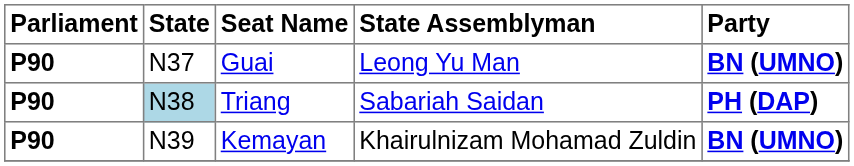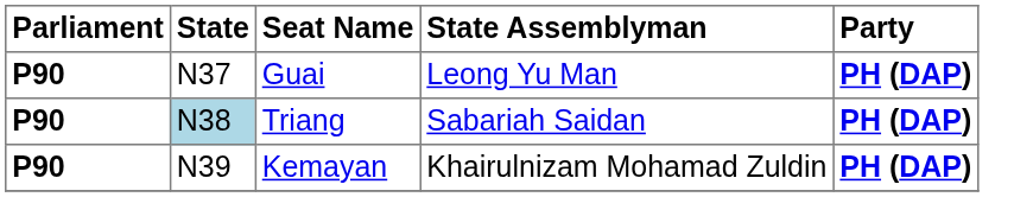 <table class="toccolours sortable" border="1" cellpadding="3" style="border-collapse:collapse; text-align: left;">
 <tr>
 <th align="center">Parliament</th>
 <th>State</th>
 <th>Seat Name</th>
 <th>State Assemblyman</th>
 <th>Party</th>
 </tr>
 <tr>
 <th align="left">P90</th>
 <td>N37</td>
 <td><a href='#'>Guai</a></td>
 <td><a href='#'>Leong Yu Man</a></td>
-<td><strong><a href='#'>BN</a> (<a href='#'>UMNO</a>)</strong></td>
+<td><strong> <a href='#'>PH</a> (<a href='#'>DAP</a>)</strong></td>
 </tr>
 <tr>
 <th align="left">P90</th>
 <td style="background: lightblue;">N38</td>
 <td><a href='#'>Triang</a></td>
 <td><a href='#'>Sabariah Saidan</a></td>
 <td><strong> <a href='#'>PH</a> (<a href='#'>DAP</a>)</strong></td>
 </tr>
 <tr>
 <th align="left">P90</th>
 <td>N39</td>
 <td><a href='#'>Kemayan</a></td>
 <td>Khairulnizam Mohamad Zuldin</td>
-<td><strong><a href='#'>BN</a> (<a href='#'>UMNO</a>)</strong></td>
+<td><strong> <a href='#'>PH</a> (<a href='#'>DAP</a>)</strong></td>
 </tr>
 <tr>
 </tr>
 </table>
